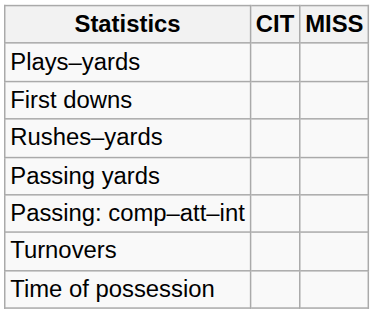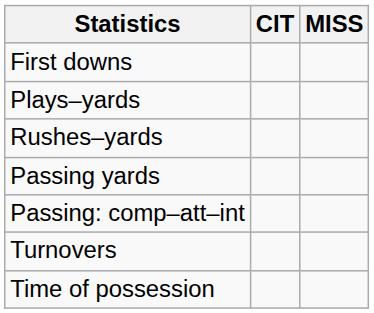 <table class="wikitable" style="float:left">
 <tr>
 <th>Statistics</th>
 <th>CIT</th>
 <th>MISS</th>
 </tr>
 <tr>
-<td>Plays–yards</td>
+<td>First downs</td>
 <td></td>
 <td></td>
 </tr>
 <tr>
-<td>First downs</td>
+<td>Plays–yards</td>
 <td></td>
 <td></td>
 </tr>
 <tr>
 <td>Rushes–yards</td>
 <td></td>
 <td></td>
 </tr>
 <tr>
 <td>Passing yards</td>
 <td></td>
 <td></td>
 </tr>
 <tr>
 <td>Passing: comp–att–int</td>
 <td></td>
 <td></td>
 </tr>
 <tr>
 <td>Turnovers</td>
 <td></td>
 <td></td>
 </tr>
 <tr>
 <td>Time of possession</td>
 <td></td>
 <td></td>
 </tr>
 </table>
